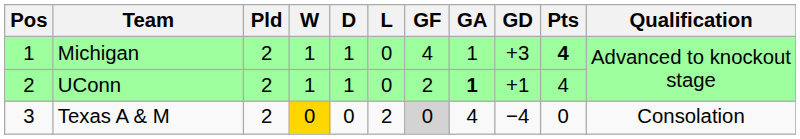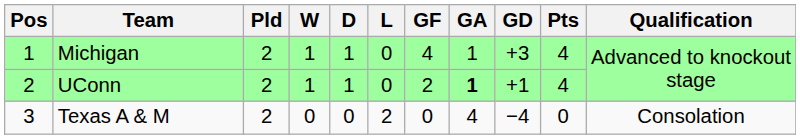 <table class="wikitable" style="text-align:center; margin: 1em auto">
 <tr>
 <th style=width:2em>Pos</th>
 <th style=width:13em>Team</th>
 <th style=width:2em>Pld</th>
 <th style=width:2em>W</th>
 <th style=width:2em>D</th>
 <th style=width:2em>L</th>
 <th style=width:2em>GF</th>
 <th style=width:2em>GA</th>
 <th style=width:2em>GD</th>
 <th style=width:2em>Pts</th>
 <th style=width:13em>Qualification</th>
 </tr>
 <tr bgcolor="#9eff9e">
 <td>1</td>
 <td style="text-align:left">Michigan</td>
 <td>2</td>
 <td>1</td>
 <td>1</td>
 <td>0</td>
 <td>4</td>
 <td>1</td>
 <td>+3</td>
-<td><strong>4</strong></td>
+<td>4</td>
 <td rowspan="2">Advanced to knockout stage</td>
 </tr>
 <tr bgcolor="#9eff9e">
 <td>2</td>
 <td style="text-align:left">UConn</td>
 <td>2</td>
 <td>1</td>
 <td>1</td>
 <td>0</td>
 <td>2</td>
 <td><strong>1</strong></td>
 <td>+1</td>
 <td>4</td>
 </tr>
 <tr>
 <td>3</td>
 <td style="text-align:left">Texas A & M</td>
 <td>2</td>
-<td style="background: gold;">0</td>
+<td>0</td>
 <td>0</td>
 <td>2</td>
-<td style="background: lightgrey;">0</td>
+<td>0</td>
 <td>4</td>
 <td>−4</td>
 <td>0</td>
 <td>Consolation</td>
 </tr>
 </table>
